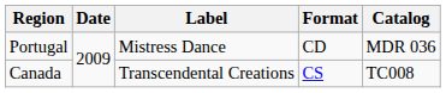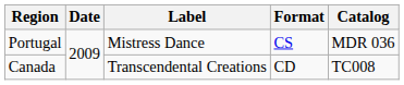 <table class="wikitable">
 <tr>
 <th>Region</th>
 <th>Date</th>
 <th>Label</th>
 <th>Format</th>
 <th>Catalog</th>
 </tr>
 <tr>
 <td>Portugal</td>
 <td rowspan="2">2009</td>
 <td>Mistress Dance</td>
-<td>CD</td>
+<td><a href='#'>CS</a></td>
 <td>MDR 036</td>
 </tr>
 <tr>
 <td>Canada</td>
 <td>Transcendental Creations</td>
-<td><a href='#'>CS</a></td>
+<td>CD</td>
 <td>TC008</td>
 </tr>
 </table>
